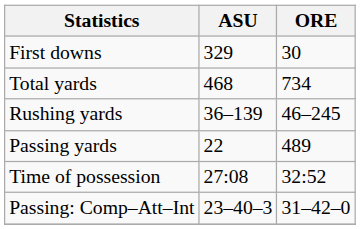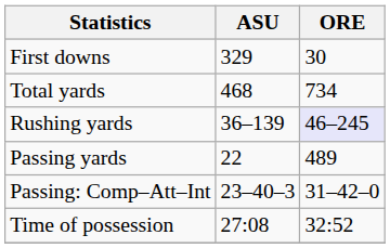 <table class="wikitable" style="float: left;">
 <tr>
 <th>Statistics</th>
 <th>ASU</th>
 <th>ORE</th>
 </tr>
 <tr>
 <td>First downs</td>
 <td>329</td>
 <td>30</td>
 </tr>
 <tr>
 <td>Total yards</td>
 <td>468</td>
 <td>734</td>
 </tr>
 <tr>
 <td>Rushing yards</td>
 <td>36–139</td>
-<td>46–245</td>
+<td style="background: lavender;">46–245</td>
 </tr>
 <tr>
 <td>Passing yards</td>
 <td>22</td>
 <td>489</td>
 </tr>
 <tr>
+<td>Passing: Comp–Att–Int</td>
+<td>23–40–3</td>
+<td>31–42–0</td>
+</tr>
+<tr>
 <td>Time of possession</td>
 <td>27:08</td>
 <td>32:52</td>
 </tr>
 <tr>
-<td>Passing: Comp–Att–Int</td>
-<td>23–40–3</td>
-<td>31–42–0</td>
-</tr>
-<tr>
 </tr>
 </table>
